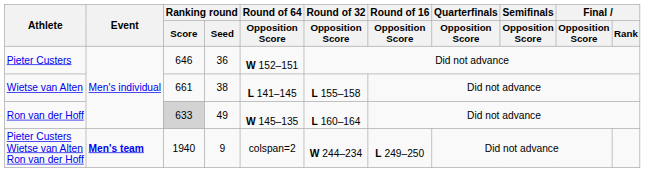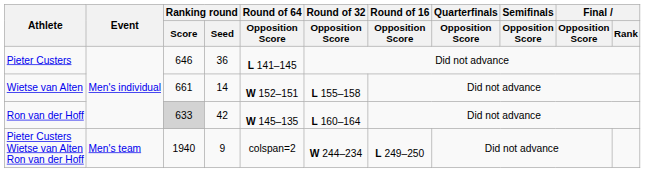 <table class="wikitable" style="font-size:90%">
 <tr>
 <th rowspan="2">Athlete</th>
 <th rowspan="2">Event</th>
 <th colspan="2">Ranking round</th>
 <th>Round of 64</th>
 <th>Round of 32</th>
 <th>Round of 16</th>
 <th>Quarterfinals</th>
 <th>Semifinals</th>
 <th colspan="2">Final / </th>
 </tr>
 <tr style="font-size:95%">
 <th>Score</th>
 <th>Seed</th>
 <th>Opposition<br>Score</th>
 <th>Opposition<br>Score</th>
 <th>Opposition<br>Score</th>
 <th>Opposition<br>Score</th>
 <th>Opposition<br>Score</th>
 <th>Opposition<br>Score</th>
 <th>Rank</th>
 </tr>
 <tr align=center>
 <td align=left><a href='#'>Pieter Custers</a></td>
 <td align=left rowspan=3><a href='#'>Men's individual</a></td>
 <td>646</td>
 <td>36</td>
-<td><br><strong>W</strong> 152–151</td>
+<td><br><strong>L</strong> 141–145</td>
 <td colspan=6>Did not advance</td>
 </tr>
 <tr align=center>
 <td align=left><a href='#'>Wietse van Alten</a></td>
 <td>661</td>
-<td>38</td>
-<td><br><strong>L</strong> 141–145</td>
+<td>14</td>
+<td><br><strong>W</strong> 152–151</td>
 <td><br><strong>L</strong> 155–158</td>
 <td colspan=5>Did not advance</td>
 </tr>
 <tr align=center>
 <td align=left><a href='#'>Ron van der Hoff</a></td>
 <td style="background: lightgrey;">633</td>
-<td>49</td>
+<td>42</td>
 <td><br><strong>W</strong> 145–135</td>
 <td><br><strong>L</strong> 160–164</td>
 <td colspan=5>Did not advance</td>
 </tr>
 <tr align=center>
 <td align=left><a href='#'>Pieter Custers</a><br><a href='#'>Wietse van Alten</a><br><a href='#'>Ron van der Hoff</a></td>
-<td align=left><strong><a href='#'>Men's team</a></strong></td>
+<td align=left><a href='#'>Men's team</a></td>
 <td>1940</td>
 <td>9</td>
 <td>colspan=2 </td>
 <td><br><strong>W</strong> 244–234</td>
 <td><br><strong>L</strong> 249–250</td>
 <td colspan=3>Did not advance</td>
 </tr>
 </table>
